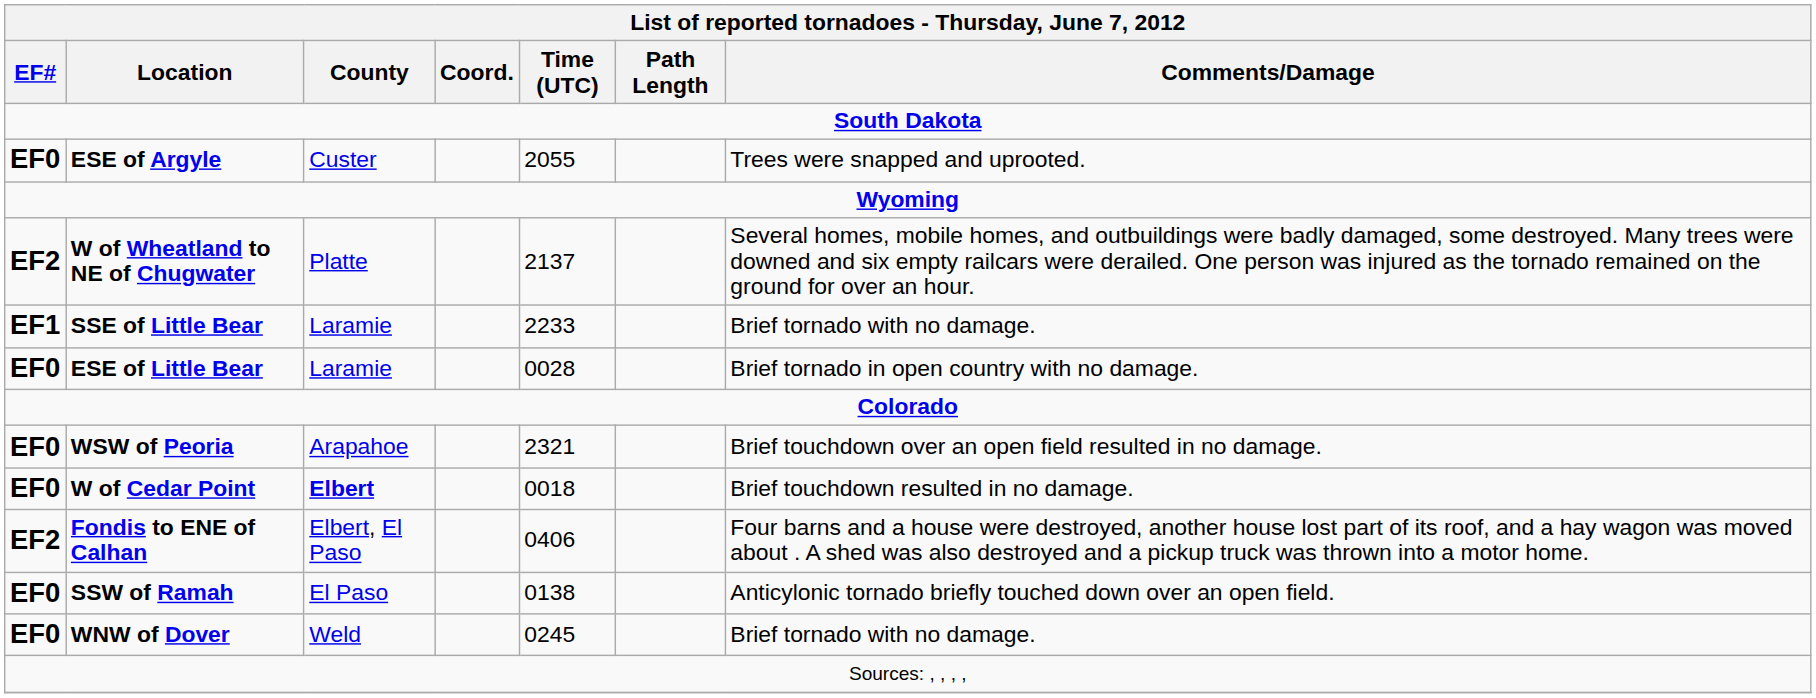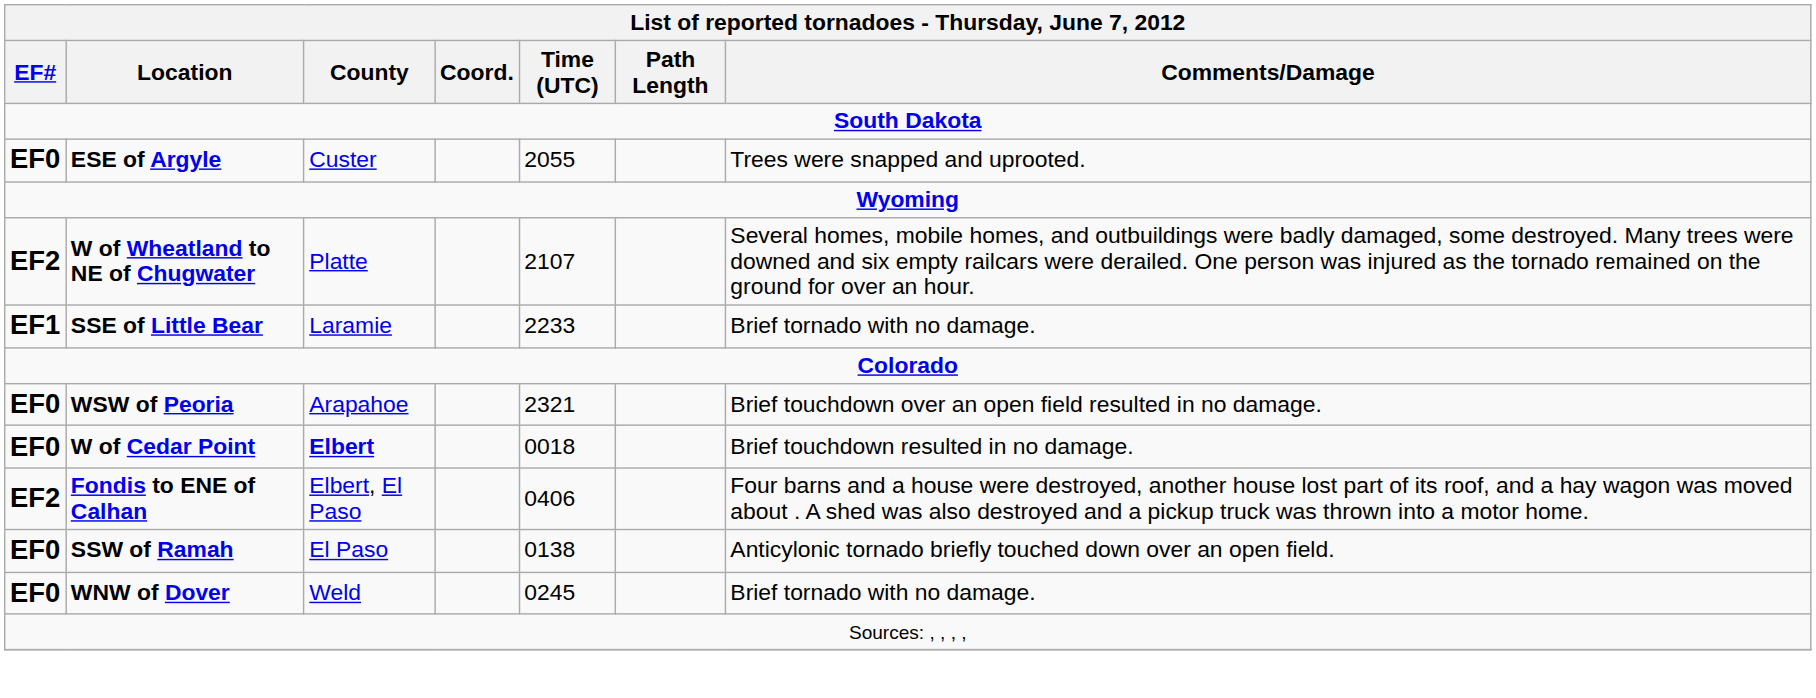 <table class="wikitable collapsible" width="100%">
 <tr>
 <th colspan="7">List of reported tornadoes - Thursday, June 7, 2012</th>
 </tr>
 <tr>
 <th><a href='#'>EF#</a></th>
 <th>Location</th>
 <th>County</th>
 <th>Coord.</th>
 <th>Time (UTC)</th>
 <th>Path Length</th>
 <th>Comments/Damage</th>
 </tr>
 <tr>
 <td colspan="7" align=center><strong><a href='#'>South Dakota</a></strong></td>
 </tr>
 <tr>
 <td><big><strong>EF0</strong></big></td>
 <td><strong>ESE of <a href='#'>Argyle</a></strong></td>
 <td><a href='#'>Custer</a></td>
 <td></td>
 <td>2055</td>
 <td></td>
 <td>Trees were snapped and uprooted.</td>
 </tr>
 <tr>
 <td colspan="7" align=center><strong><a href='#'>Wyoming</a></strong></td>
 </tr>
 <tr>
 <td><big><strong>EF2</strong></big></td>
 <td><strong>W of <a href='#'>Wheatland</a> to NE of <a href='#'>Chugwater</a></strong></td>
 <td><a href='#'>Platte</a></td>
 <td></td>
-<td>2137</td>
+<td>2107</td>
 <td></td>
 <td>Several homes, mobile homes, and outbuildings were badly damaged, some destroyed. Many trees were downed and six empty railcars were derailed. One person was injured as the tornado remained on the ground for over an hour.</td>
 </tr>
 <tr>
 <td><big><strong>EF1</strong></big></td>
 <td><strong>SSE of <a href='#'>Little Bear</a></strong></td>
 <td><a href='#'>Laramie</a></td>
 <td></td>
 <td>2233</td>
 <td></td>
 <td>Brief tornado with no damage.</td>
-</tr>
-<tr>
-<td><big><strong>EF0</strong></big></td>
-<td><strong>ESE of <a href='#'>Little Bear</a></strong></td>
-<td><a href='#'>Laramie</a></td>
-<td></td>
-<td>0028</td>
-<td></td>
-<td>Brief tornado in open country with no damage.</td>
 </tr>
 <tr>
 <td colspan="7" align=center><strong><a href='#'>Colorado</a></strong></td>
 </tr>
 <tr>
 <td><big><strong>EF0</strong></big></td>
 <td><strong>WSW of <a href='#'>Peoria</a></strong></td>
 <td><a href='#'>Arapahoe</a></td>
 <td></td>
 <td>2321</td>
 <td></td>
 <td>Brief touchdown over an open field resulted in no damage.</td>
 </tr>
 <tr>
 <td><big><strong>EF0</strong></big></td>
 <td><strong>W of <a href='#'>Cedar Point</a></strong></td>
 <td><strong><a href='#'>Elbert</a></strong></td>
 <td></td>
 <td>0018</td>
 <td></td>
 <td>Brief touchdown resulted in no damage.</td>
 </tr>
 <tr>
 <td><big><strong>EF2</strong></big></td>
 <td><strong><a href='#'>Fondis</a> to ENE of <a href='#'>Calhan</a></strong></td>
 <td><a href='#'>Elbert</a>, <a href='#'>El Paso</a></td>
 <td></td>
 <td>0406</td>
 <td></td>
 <td>Four barns and a house were destroyed, another house lost part of its roof, and a hay wagon was moved about . A shed was also destroyed and a pickup truck was thrown into a motor home.</td>
 </tr>
 <tr>
 <td><big><strong>EF0</strong></big></td>
 <td><strong>SSW of <a href='#'>Ramah</a></strong></td>
 <td><a href='#'>El Paso</a></td>
 <td></td>
 <td>0138</td>
 <td></td>
 <td>Anticylonic tornado briefly touched down over an open field.</td>
 </tr>
 <tr>
 <td><big><strong>EF0</strong></big></td>
 <td><strong>WNW of <a href='#'>Dover</a></strong></td>
 <td><a href='#'>Weld</a></td>
 <td></td>
 <td>0245</td>
 <td></td>
 <td>Brief tornado with no damage.</td>
 </tr>
 <tr>
 <td colspan="7" align=center><small>Sources: , , , , </small></td>
 </tr>
 <tr>
 </tr>
 </table>
